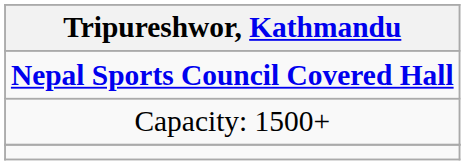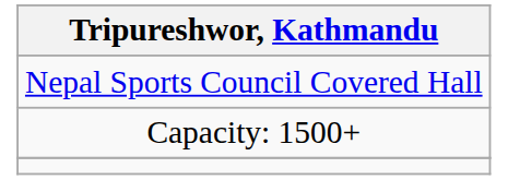 <table class="wikitable" style="text-align:center;margin:auto">
 <tr>
 <th>Tripureshwor, <a href='#'>Kathmandu</a></th>
 </tr>
 <tr>
-<td><strong><a href='#'>Nepal Sports Council Covered Hall</a></strong></td>
+<td><a href='#'>Nepal Sports Council Covered Hall</a></td>
 </tr>
 <tr>
 <td>Capacity: 1500+</td>
 </tr>
 <tr>
 </tr>
 <tr>
 </tr>
 <tr style="border:0 solid #777; text-align: center;">
 <td></td>
 </tr>
 </table>
